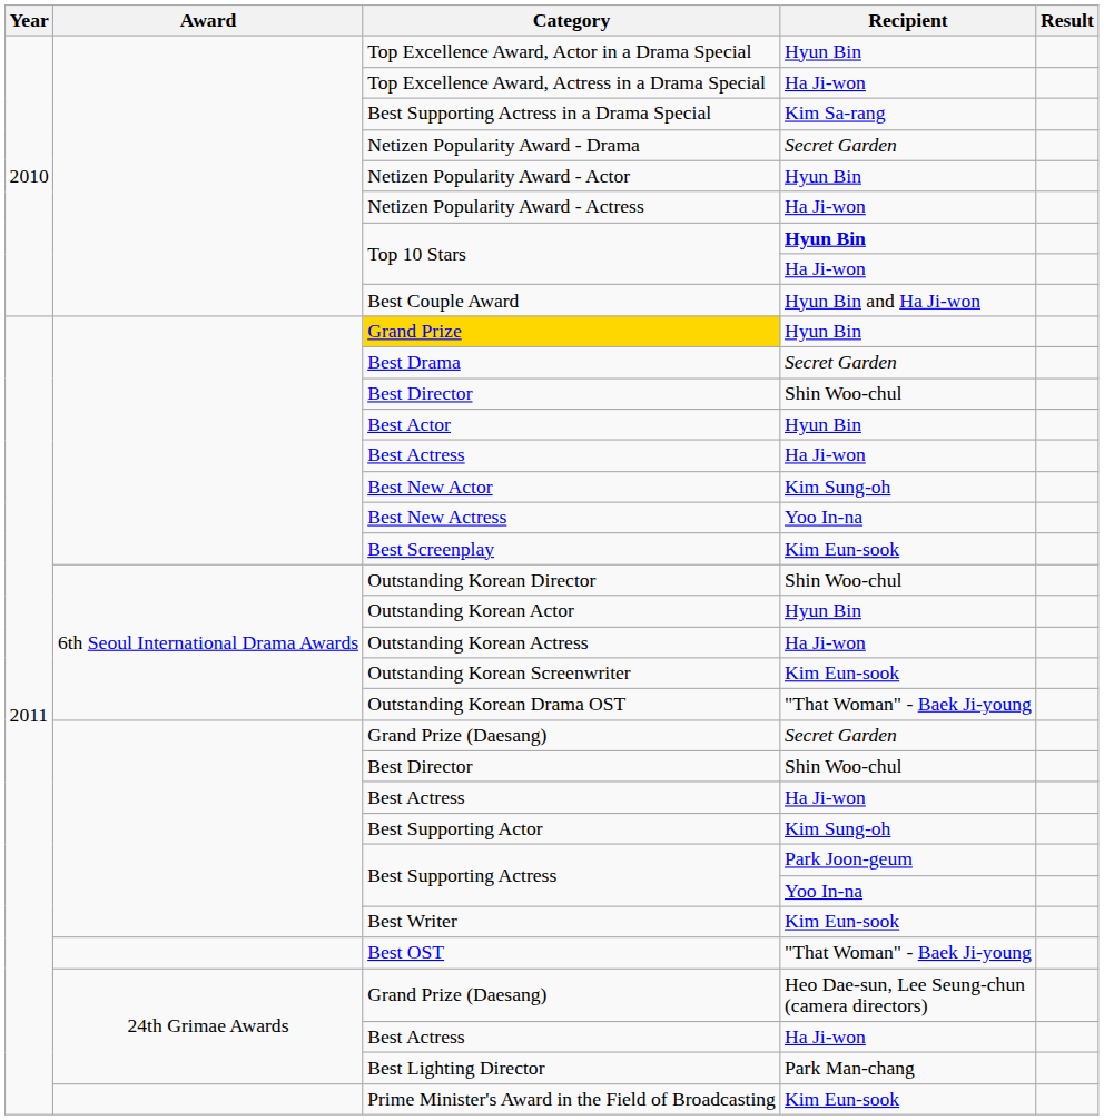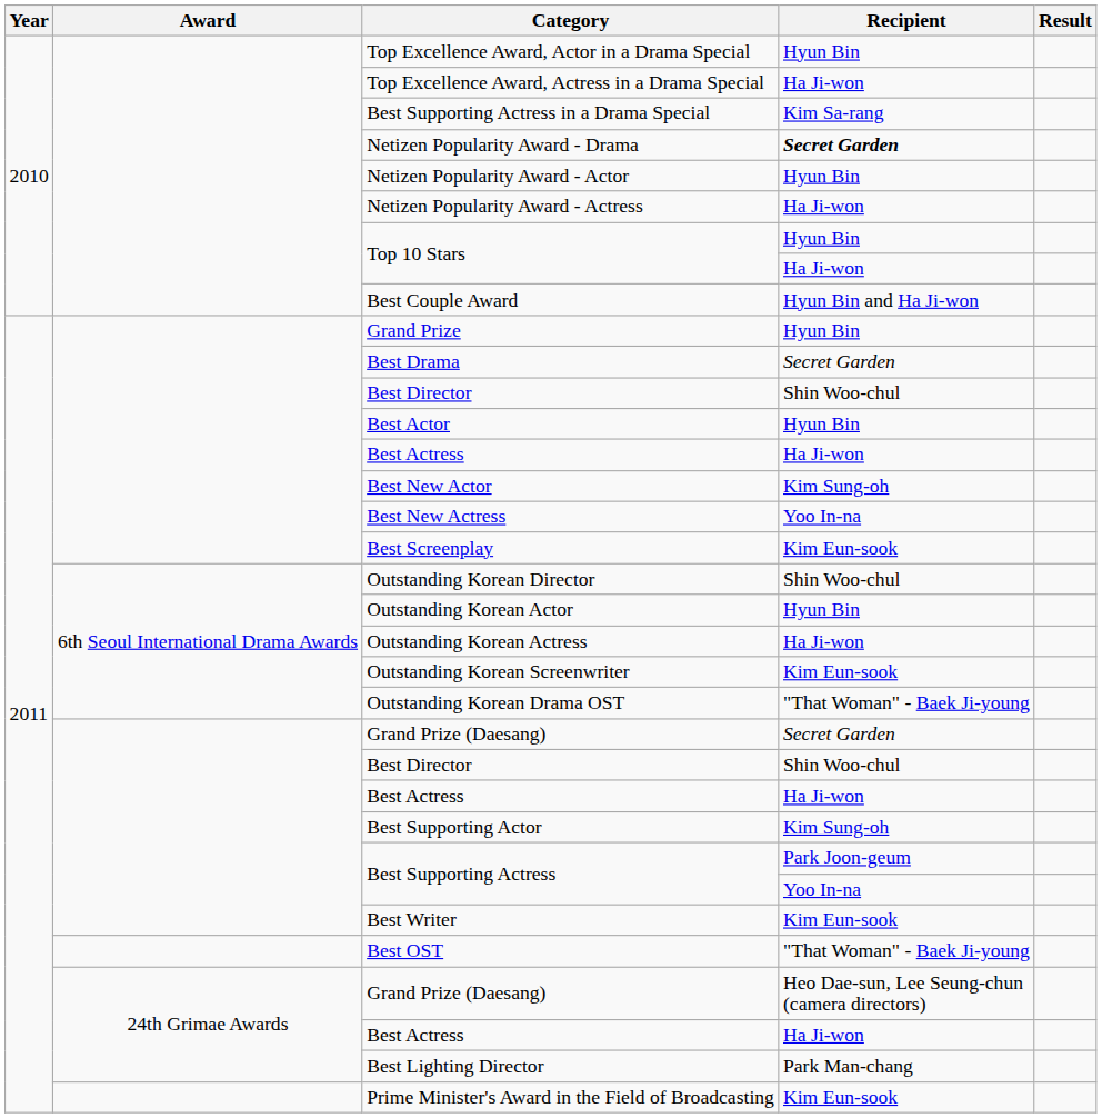 <table class="wikitable">
 <tr>
 <th>Year</th>
 <th>Award</th>
 <th>Category</th>
 <th>Recipient</th>
 <th>Result</th>
 </tr>
 <tr>
 <td rowspan="9">2010</td>
 <td rowspan="9"></td>
 <td>Top Excellence Award, Actor in a Drama Special</td>
 <td><a href='#'>Hyun Bin</a></td>
 <td></td>
 </tr>
 <tr>
 <td>Top Excellence Award, Actress in a Drama Special</td>
 <td><a href='#'>Ha Ji-won</a></td>
 <td></td>
 </tr>
 <tr>
 <td>Best Supporting Actress in a Drama Special</td>
 <td><a href='#'>Kim Sa-rang</a></td>
 <td></td>
 </tr>
 <tr>
 <td>Netizen Popularity Award - Drama</td>
-<td><em>Secret Garden</em></td>
+<td><strong><em>Secret Garden</em></strong></td>
 <td></td>
 </tr>
 <tr>
 <td>Netizen Popularity Award - Actor</td>
 <td><a href='#'>Hyun Bin</a></td>
 <td></td>
 </tr>
 <tr>
 <td>Netizen Popularity Award - Actress</td>
 <td><a href='#'>Ha Ji-won</a></td>
 <td></td>
 </tr>
 <tr>
 <td rowspan="2">Top 10 Stars</td>
-<td><strong><a href='#'>Hyun Bin</a></strong></td>
+<td><a href='#'>Hyun Bin</a></td>
 <td></td>
 </tr>
 <tr>
 <td><a href='#'>Ha Ji-won</a></td>
 <td></td>
 </tr>
 <tr>
 <td>Best Couple Award</td>
 <td><a href='#'>Hyun Bin</a> and <a href='#'>Ha Ji-won</a></td>
 <td></td>
 </tr>
 <tr>
 <td rowspan="25">2011</td>
 <td rowspan="8"></td>
-<td style="background: gold;"><a href='#'>Grand Prize</a></td>
+<td><a href='#'>Grand Prize</a></td>
 <td><a href='#'>Hyun Bin</a></td>
 <td></td>
 </tr>
 <tr>
 <td><a href='#'>Best Drama</a></td>
 <td><em>Secret Garden</em></td>
 <td></td>
 </tr>
 <tr>
 <td><a href='#'>Best Director</a></td>
 <td>Shin Woo-chul</td>
 <td></td>
 </tr>
 <tr>
 <td><a href='#'>Best Actor</a></td>
 <td><a href='#'>Hyun Bin</a></td>
 <td></td>
 </tr>
 <tr>
 <td><a href='#'>Best Actress</a></td>
 <td><a href='#'>Ha Ji-won</a></td>
 <td></td>
 </tr>
 <tr>
 <td><a href='#'>Best New Actor</a></td>
 <td><a href='#'>Kim Sung-oh</a></td>
 <td></td>
 </tr>
 <tr>
 <td><a href='#'>Best New Actress</a></td>
 <td><a href='#'>Yoo In-na</a></td>
 <td></td>
 </tr>
 <tr>
 <td><a href='#'>Best Screenplay</a></td>
 <td><a href='#'>Kim Eun-sook</a></td>
 <td></td>
 </tr>
 <tr>
 <td rowspan="5" style="text-align:center;">6th <a href='#'>Seoul International Drama Awards</a></td>
 <td>Outstanding Korean Director</td>
 <td>Shin Woo-chul</td>
 <td></td>
 </tr>
 <tr>
 <td>Outstanding Korean Actor</td>
 <td><a href='#'>Hyun Bin</a></td>
 <td></td>
 </tr>
 <tr>
 <td>Outstanding Korean Actress</td>
 <td><a href='#'>Ha Ji-won</a></td>
 <td></td>
 </tr>
 <tr>
 <td>Outstanding Korean Screenwriter</td>
 <td><a href='#'>Kim Eun-sook</a></td>
 <td></td>
 </tr>
 <tr>
 <td>Outstanding Korean Drama OST</td>
 <td>"That Woman" - <a href='#'>Baek Ji-young</a></td>
 <td></td>
 </tr>
 <tr>
 <td rowspan="7"></td>
 <td>Grand Prize (Daesang)</td>
 <td><em>Secret Garden</em></td>
 <td></td>
 </tr>
 <tr>
 <td>Best Director</td>
 <td>Shin Woo-chul</td>
 <td></td>
 </tr>
 <tr>
 <td>Best Actress</td>
 <td><a href='#'>Ha Ji-won</a></td>
 <td></td>
 </tr>
 <tr>
 <td>Best Supporting Actor</td>
 <td><a href='#'>Kim Sung-oh</a></td>
 <td></td>
 </tr>
 <tr>
 <td rowspan="2">Best Supporting Actress</td>
 <td><a href='#'>Park Joon-geum</a></td>
 <td></td>
 </tr>
 <tr>
 <td><a href='#'>Yoo In-na</a></td>
 <td></td>
 </tr>
 <tr>
 <td>Best Writer</td>
 <td><a href='#'>Kim Eun-sook</a></td>
 <td></td>
 </tr>
 <tr>
 <td></td>
 <td><a href='#'>Best OST</a></td>
 <td>"That Woman" - <a href='#'>Baek Ji-young</a></td>
 <td></td>
 </tr>
 <tr>
 <td rowspan="3" style="text-align:center;">24th Grimae Awards</td>
 <td>Grand Prize (Daesang)</td>
 <td>Heo Dae-sun, Lee Seung-chun <br> (camera directors)</td>
 <td></td>
 </tr>
 <tr>
 <td>Best Actress</td>
 <td><a href='#'>Ha Ji-won</a></td>
 <td></td>
 </tr>
 <tr>
 <td>Best Lighting Director</td>
 <td>Park Man-chang</td>
 <td></td>
 </tr>
 <tr>
 <td></td>
 <td>Prime Minister's Award in the Field of Broadcasting</td>
 <td><a href='#'>Kim Eun-sook</a></td>
 <td></td>
 </tr>
 </table>
